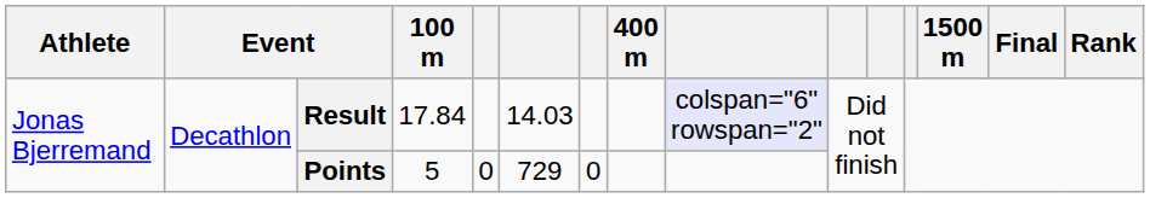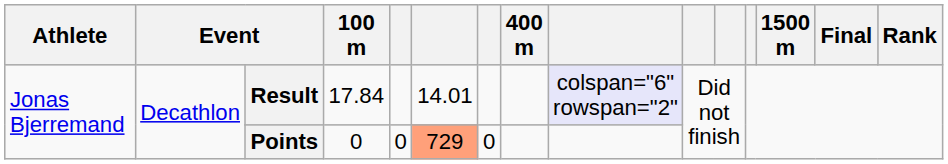 <table class="wikitable" style="font-size:90%; text-align:center">
 <tr>
 <th width="150">Athlete</th>
 <th width="50" colspan=2>Event</th>
 <th>100 m</th>
 <th></th>
 <th></th>
 <th></th>
 <th>400 m</th>
 <th></th>
 <th></th>
 <th></th>
 <th></th>
 <th>1500 m</th>
 <th>Final</th>
 <th>Rank</th>
 </tr>
 <tr>
 <td align="left" rowspan="2"><a href='#'>Jonas Bjerremand</a></td>
 <td align="left" rowspan="2"><a href='#'>Decathlon</a></td>
 <th>Result</th>
 <td>17.84</td>
 <td></td>
-<td>14.03</td>
+<td>14.01</td>
 <td></td>
 <td></td>
 <td style="background: lavender;">colspan="6" rowspan="2" </td>
 <td rowspan="2" colspan=2>Did not finish</td>
 </tr>
 <tr>
 <th>Points</th>
-<td>5</td>
 <td>0</td>
-<td>729</td>
+<td>0</td>
+<td style="background: lightsalmon;">729</td>
 <td>0</td>
 <td></td>
 </tr>
 </table>
